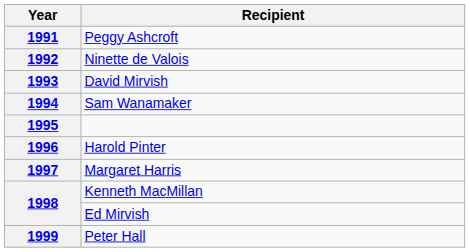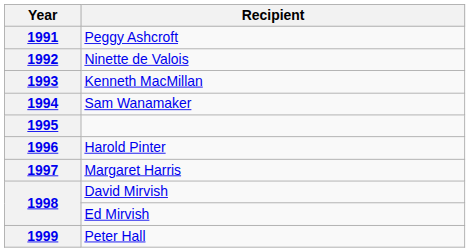 <table class="wikitable" style="width:60%;">
 <tr style="background:#bebebe;">
 <th style="width:15%;">Year</th>
 <th style="width:75%;">Recipient</th>
 </tr>
 <tr>
 <th><a href='#'>1991</a></th>
 <td><a href='#'>Peggy Ashcroft</a></td>
 </tr>
 <tr>
 <th><a href='#'>1992</a></th>
 <td><a href='#'>Ninette de Valois</a></td>
 </tr>
 <tr>
 <th><a href='#'>1993</a></th>
-<td><a href='#'>David Mirvish</a></td>
+<td><a href='#'>Kenneth MacMillan</a></td>
 </tr>
 <tr>
 <th><a href='#'>1994</a></th>
 <td><a href='#'>Sam Wanamaker</a></td>
 </tr>
 <tr>
 <th><a href='#'>1995</a></th>
 <td><em></em></td>
 </tr>
 <tr>
 <th><a href='#'>1996</a></th>
 <td><a href='#'>Harold Pinter</a></td>
 </tr>
 <tr>
 <th><a href='#'>1997</a></th>
 <td><a href='#'>Margaret Harris</a></td>
 </tr>
 <tr>
 <th rowspan="2"><a href='#'>1998</a></th>
-<td><a href='#'>Kenneth MacMillan</a></td>
+<td><a href='#'>David Mirvish</a></td>
 </tr>
 <tr>
 <td><a href='#'>Ed Mirvish</a></td>
 </tr>
 <tr>
 <th><a href='#'>1999</a></th>
 <td><a href='#'>Peter Hall</a></td>
 </tr>
 </table>
